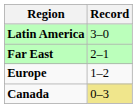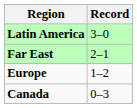 <table class="wikitable">
 <tr>
 <th>Region</th>
 <th>Record</th>
 </tr>
 <tr bgcolor=#bbffbb>
 <td><strong>Latin America</strong></td>
 <td>3–0</td>
 </tr>
 <tr bgcolor=#bbffbb>
 <td><strong>Far East</strong></td>
 <td>2–1</td>
 </tr>
 <tr>
 <td><strong>Europe</strong></td>
 <td>1–2</td>
 </tr>
 <tr>
 <td><strong>Canada</strong></td>
-<td style="background: khaki;">0–3</td>
+<td>0–3</td>
 </tr>
 </table>
